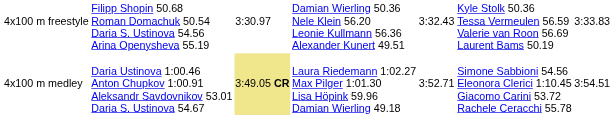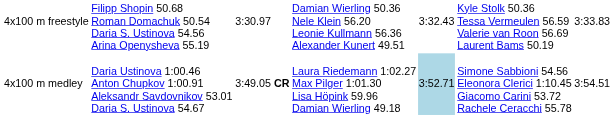 <table>
 <tr>
 <td>4x100 m freestyle</td>
 <td><br><a href='#'>Filipp Shopin</a> 50.68<br><a href='#'>Roman Domachuk</a> 50.54<br><a href='#'>Daria S. Ustinova</a> 54.56<br><a href='#'>Arina Openysheva</a> 55.19</td>
 <td>3:30.97</td>
 <td><br><a href='#'>Damian Wierling</a> 50.36<br><a href='#'>Nele Klein</a> 56.20<br><a href='#'>Leonie Kullmann</a> 56.36<br><a href='#'>Alexander Kunert</a> 49.51</td>
 <td>3:32.43</td>
 <td><br><a href='#'>Kyle Stolk</a> 50.36<br><a href='#'>Tessa Vermeulen</a> 56.59<br><a href='#'>Valerie van Roon</a> 56.69<br><a href='#'>Laurent Bams</a> 50.19</td>
 <td>3:33.83</td>
 </tr>
 <tr>
 <td>4x100 m medley</td>
 <td><br><a href='#'>Daria Ustinova</a> 1:00.46<br><a href='#'>Anton Chupkov</a> 1:00.91<br><a href='#'>Aleksandr Savdovnikov</a> 53.01<br><a href='#'>Daria S. Ustinova</a> 54.67</td>
-<td style="background: khaki;">3:49.05  <strong>CR</strong></td>
+<td>3:49.05  <strong>CR</strong></td>
 <td><br><a href='#'>Laura Riedemann</a> 1:02.27<br><a href='#'>Max Pilger</a> 1:01.30<br><a href='#'>Lisa Höpink</a> 59.96<br><a href='#'>Damian Wierling</a> 49.18</td>
-<td>3:52.71</td>
+<td style="background: lightblue;">3:52.71</td>
 <td><br><a href='#'>Simone Sabbioni</a> 54.56<br><a href='#'>Eleonora Clerici</a> 1:10.45<br><a href='#'>Giacomo Carini</a> 53.72<br><a href='#'>Rachele Ceracchi</a> 55.78</td>
 <td>3:54.51</td>
 </tr>
 </table>
